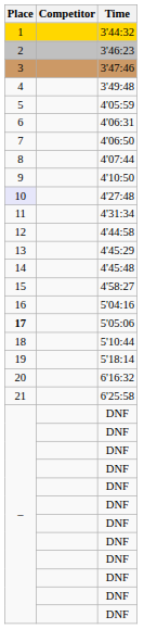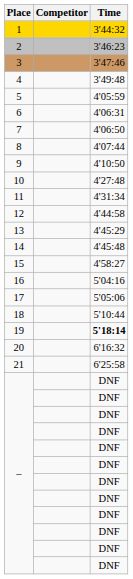 <table class=wikitable style="text-align:center">
 <tr>
 <th>Place</th>
 <th>Competitor</th>
 <th>Time</th>
 </tr>
 <tr align=center bgcolor=gold>
 <td>1</td>
 <td align=left></td>
 <td>3'44:32</td>
 </tr>
 <tr align=center bgcolor=silver>
 <td>2</td>
 <td align=left></td>
 <td>3'46:23</td>
 </tr>
 <tr align=center bgcolor=cc9966>
 <td>3</td>
 <td align=left></td>
 <td>3'47:46</td>
 </tr>
 <tr>
 <td>4</td>
 <td align=left></td>
 <td>3'49:48</td>
 </tr>
 <tr>
 <td>5</td>
 <td align=left></td>
 <td>4'05:59</td>
 </tr>
 <tr>
 <td>6</td>
 <td align=left></td>
 <td>4'06:31</td>
 </tr>
 <tr>
 <td>7</td>
 <td align=left></td>
 <td>4'06:50</td>
 </tr>
 <tr>
 <td>8</td>
 <td align=left></td>
 <td>4'07:44</td>
 </tr>
 <tr>
 <td>9</td>
 <td align=left></td>
 <td>4'10:50</td>
 </tr>
 <tr>
-<td style="background: lavender;">10</td>
+<td>10</td>
 <td align=left></td>
 <td>4'27:48</td>
 </tr>
 <tr>
 <td>11</td>
 <td align=left></td>
 <td>4'31:34</td>
 </tr>
 <tr>
 <td>12</td>
 <td align=left></td>
 <td>4'44:58</td>
 </tr>
 <tr>
 <td>13</td>
 <td align=left></td>
 <td>4'45:29</td>
 </tr>
 <tr>
 <td>14</td>
 <td align=left></td>
 <td>4'45:48</td>
 </tr>
 <tr>
 <td>15</td>
 <td align=left></td>
 <td>4'58:27</td>
 </tr>
 <tr>
 <td>16</td>
 <td align=left></td>
 <td>5'04:16</td>
 </tr>
 <tr>
-<td><strong>17</strong></td>
+<td>17</td>
 <td align=left></td>
 <td>5'05:06</td>
 </tr>
 <tr>
 <td>18</td>
 <td align=left></td>
 <td>5'10:44</td>
 </tr>
 <tr>
 <td>19</td>
 <td align=left></td>
-<td>5'18:14</td>
+<td><strong>5'18:14</strong></td>
 </tr>
 <tr>
 <td>20</td>
 <td align=left></td>
 <td>6'16:32</td>
 </tr>
 <tr>
 <td>21</td>
 <td align=left></td>
 <td>6'25:58</td>
 </tr>
 <tr>
 <td rowspan=12>–</td>
 <td align=left></td>
 <td>DNF</td>
 </tr>
 <tr>
 <td align=left></td>
 <td>DNF</td>
 </tr>
 <tr>
 <td align=left></td>
 <td>DNF</td>
 </tr>
 <tr>
 <td align=left></td>
 <td>DNF</td>
 </tr>
 <tr>
 <td align=left></td>
 <td>DNF</td>
 </tr>
 <tr>
 <td align=left></td>
 <td>DNF</td>
 </tr>
 <tr>
 <td align=left></td>
 <td>DNF</td>
 </tr>
 <tr>
 <td align=left></td>
 <td>DNF</td>
 </tr>
 <tr>
 <td align=left></td>
 <td>DNF</td>
 </tr>
 <tr>
 <td align=left></td>
 <td>DNF</td>
 </tr>
 <tr>
 <td align=left></td>
 <td>DNF</td>
 </tr>
 <tr>
 <td align=left></td>
 <td>DNF</td>
 </tr>
 </table>
